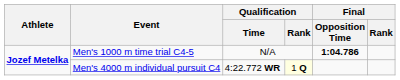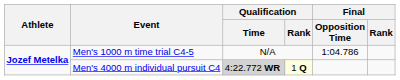 <table class=wikitable style="font-size:90%">
 <tr>
 <th rowspan="2">Athlete</th>
 <th rowspan="2">Event</th>
 <th colspan="2">Qualification</th>
 <th colspan="2">Final</th>
 </tr>
 <tr>
 <th>Time</th>
 <th>Rank</th>
 <th>Opposition<br>Time</th>
 <th>Rank</th>
 </tr>
 <tr align=center>
 <td align=left rowspan="2"><strong><a href='#'>Jozef Metelka</a></strong></td>
 <td align=left><a href='#'>Men's 1000 m time trial C4-5</a></td>
 <td align="center" colspan="2">N/A</td>
-<td><strong>1:04.786</strong></td>
+<td>1:04.786</td>
 <td></td>
 </tr>
 <tr>
 <td align=left><a href='#'>Men's 4000 m individual pursuit C4</a></td>
-<td align="center" colspan="1">4:22.772 <strong>WR</strong> </td>
+<td align="center" colspan="1" style="background: lightgrey;">4:22.772 <strong>WR</strong> </td>
 <td align="center" colspan="1" style="background: lightyellow;">1 <strong>Q</strong></td>
 <td></td>
 <td align="center" colspan="1"></td>
 </tr>
 </table>
